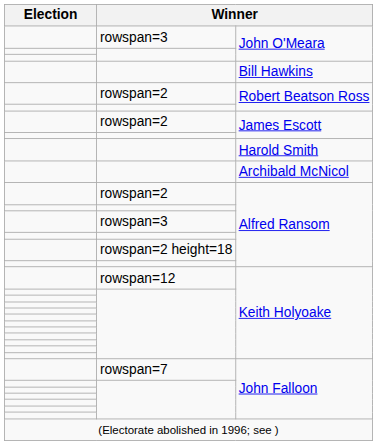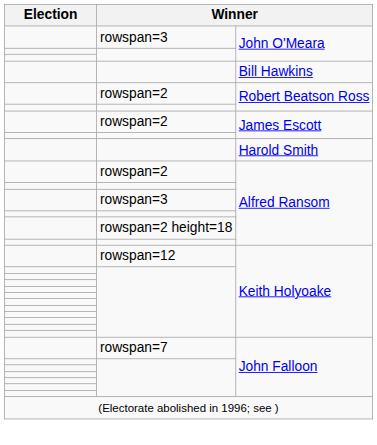 <table class=wikitable>
 <tr>
 <th width=100>Election</th>
 <th width=175 colspan=2>Winner</th>
 </tr>
 <tr>
 <td></td>
 <td>rowspan=3 </td>
 <td rowspan=3><a href='#'>John O'Meara</a></td>
 </tr>
 <tr>
 <td></td>
 </tr>
 <tr>
 <td></td>
 </tr>
 <tr>
 <td></td>
 <td></td>
 <td><a href='#'>Bill Hawkins</a></td>
 </tr>
 <tr>
 <td></td>
 <td>rowspan=2 </td>
 <td rowspan=2><a href='#'>Robert Beatson Ross</a></td>
 </tr>
 <tr>
 <td></td>
 </tr>
 <tr>
 <td></td>
 <td>rowspan=2 </td>
 <td rowspan=2><a href='#'>James Escott</a></td>
 </tr>
 <tr>
 <td></td>
 </tr>
 <tr>
 <td></td>
 <td></td>
 <td><a href='#'>Harold Smith</a></td>
-</tr>
-<tr>
-<td></td>
-<td></td>
-<td><a href='#'>Archibald McNicol</a></td>
 </tr>
 <tr>
 <td></td>
 <td>rowspan=2 </td>
 <td rowspan=7><a href='#'>Alfred Ransom</a></td>
 </tr>
 <tr>
 <td></td>
 </tr>
 <tr>
 <td></td>
 <td>rowspan=3 </td>
 </tr>
 <tr>
 <td></td>
 </tr>
 <tr>
 <td rowspan=2 height=18></td>
 </tr>
 <tr>
 <td>rowspan=2 height=18 </td>
 </tr>
 <tr>
 <td></td>
 </tr>
 <tr>
 <td></td>
 <td>rowspan=12 </td>
 <td rowspan=12><a href='#'>Keith Holyoake</a></td>
 </tr>
 <tr>
 <td></td>
 </tr>
 <tr>
 <td></td>
 </tr>
 <tr>
 <td></td>
 </tr>
 <tr>
 <td></td>
 </tr>
 <tr>
 <td></td>
 </tr>
 <tr>
 <td></td>
 </tr>
 <tr>
 <td></td>
 </tr>
 <tr>
 <td></td>
 </tr>
 <tr>
 <td></td>
 </tr>
 <tr>
 <td></td>
 </tr>
 <tr>
 <td></td>
 </tr>
 <tr>
 <td></td>
 <td>rowspan=7 </td>
 <td rowspan=7><a href='#'>John Falloon</a></td>
 </tr>
 <tr>
 <td></td>
 </tr>
 <tr>
 <td></td>
 </tr>
 <tr>
 <td></td>
 </tr>
 <tr>
 <td></td>
 </tr>
 <tr>
 <td></td>
 </tr>
 <tr>
 <td></td>
 </tr>
 <tr>
 <td colspan=3 align=center><small>(Electorate abolished in 1996; see )</small></td>
 </tr>
 </table>
